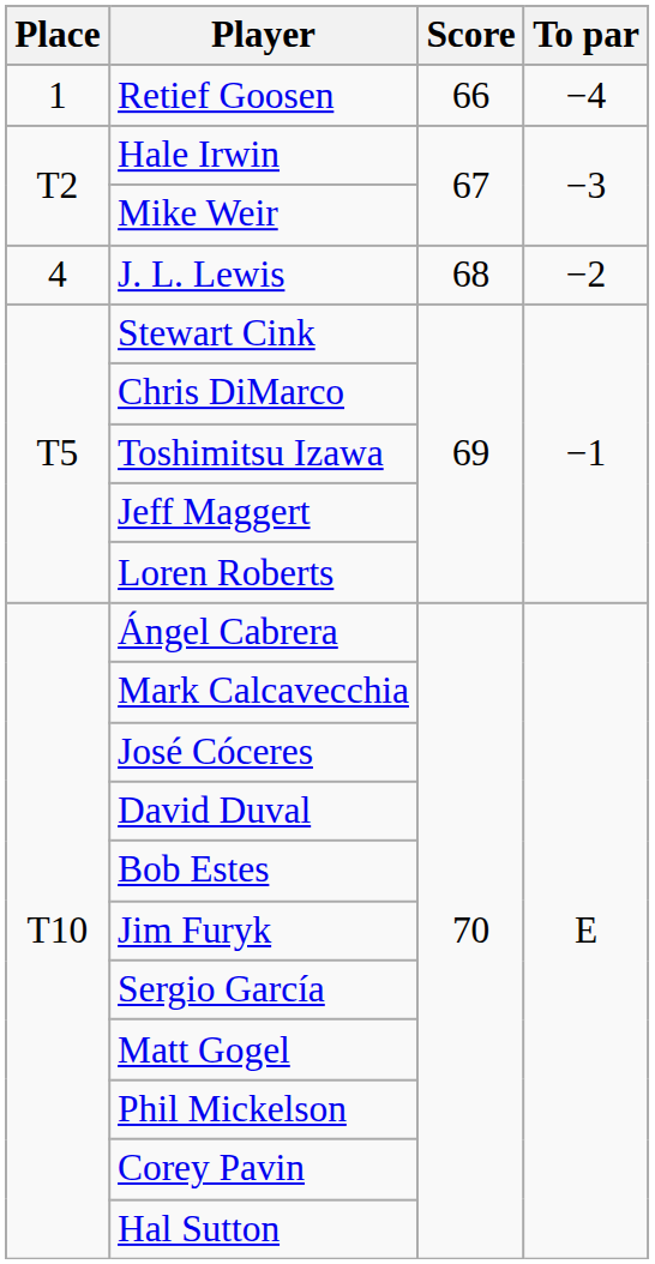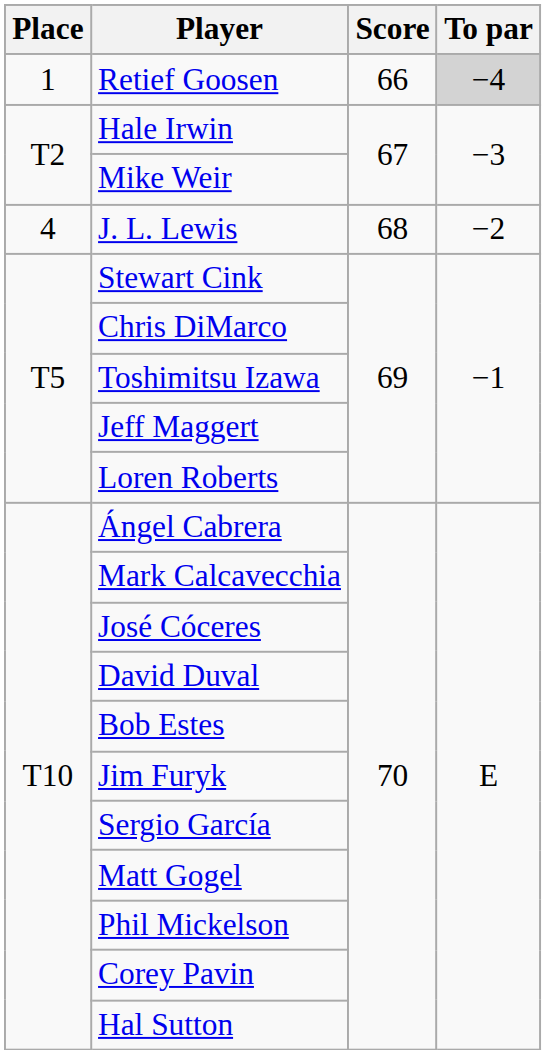 <table class="wikitable">
 <tr>
 <th>Place</th>
 <th>Player</th>
 <th>Score</th>
 <th>To par</th>
 </tr>
 <tr>
 <td align=center>1</td>
 <td> <a href='#'>Retief Goosen</a></td>
 <td align=center>66</td>
-<td align=center>−4</td>
+<td align=center style="background: lightgrey;">−4</td>
 </tr>
 <tr>
 <td rowspan="2" align=center>T2</td>
 <td> <a href='#'>Hale Irwin</a></td>
 <td rowspan="2" align=center>67</td>
 <td rowspan="2" align=center>−3</td>
 </tr>
 <tr>
 <td> <a href='#'>Mike Weir</a></td>
 </tr>
 <tr>
 <td align=center>4</td>
 <td> <a href='#'>J. L. Lewis</a></td>
 <td align=center>68</td>
 <td align=center>−2</td>
 </tr>
 <tr>
 <td rowspan="5" align=center>T5</td>
 <td> <a href='#'>Stewart Cink</a></td>
 <td rowspan="5" align=center>69</td>
 <td rowspan="5" align=center>−1</td>
 </tr>
 <tr>
 <td> <a href='#'>Chris DiMarco</a></td>
 </tr>
 <tr>
 <td> <a href='#'>Toshimitsu Izawa</a></td>
 </tr>
 <tr>
 <td> <a href='#'>Jeff Maggert</a></td>
 </tr>
 <tr>
 <td> <a href='#'>Loren Roberts</a></td>
 </tr>
 <tr>
 <td rowspan="11" align=center>T10</td>
 <td> <a href='#'>Ángel Cabrera</a></td>
 <td rowspan="11" align=center>70</td>
 <td rowspan="11" align=center>E</td>
 </tr>
 <tr>
 <td> <a href='#'>Mark Calcavecchia</a></td>
 </tr>
 <tr>
 <td> <a href='#'>José Cóceres</a></td>
 </tr>
 <tr>
 <td> <a href='#'>David Duval</a></td>
 </tr>
 <tr>
 <td> <a href='#'>Bob Estes</a></td>
 </tr>
 <tr>
 <td> <a href='#'>Jim Furyk</a></td>
 </tr>
 <tr>
 <td> <a href='#'>Sergio García</a></td>
 </tr>
 <tr>
 <td> <a href='#'>Matt Gogel</a></td>
 </tr>
 <tr>
 <td> <a href='#'>Phil Mickelson</a></td>
 </tr>
 <tr>
 <td> <a href='#'>Corey Pavin</a></td>
 </tr>
 <tr>
 <td> <a href='#'>Hal Sutton</a></td>
 </tr>
 </table>
